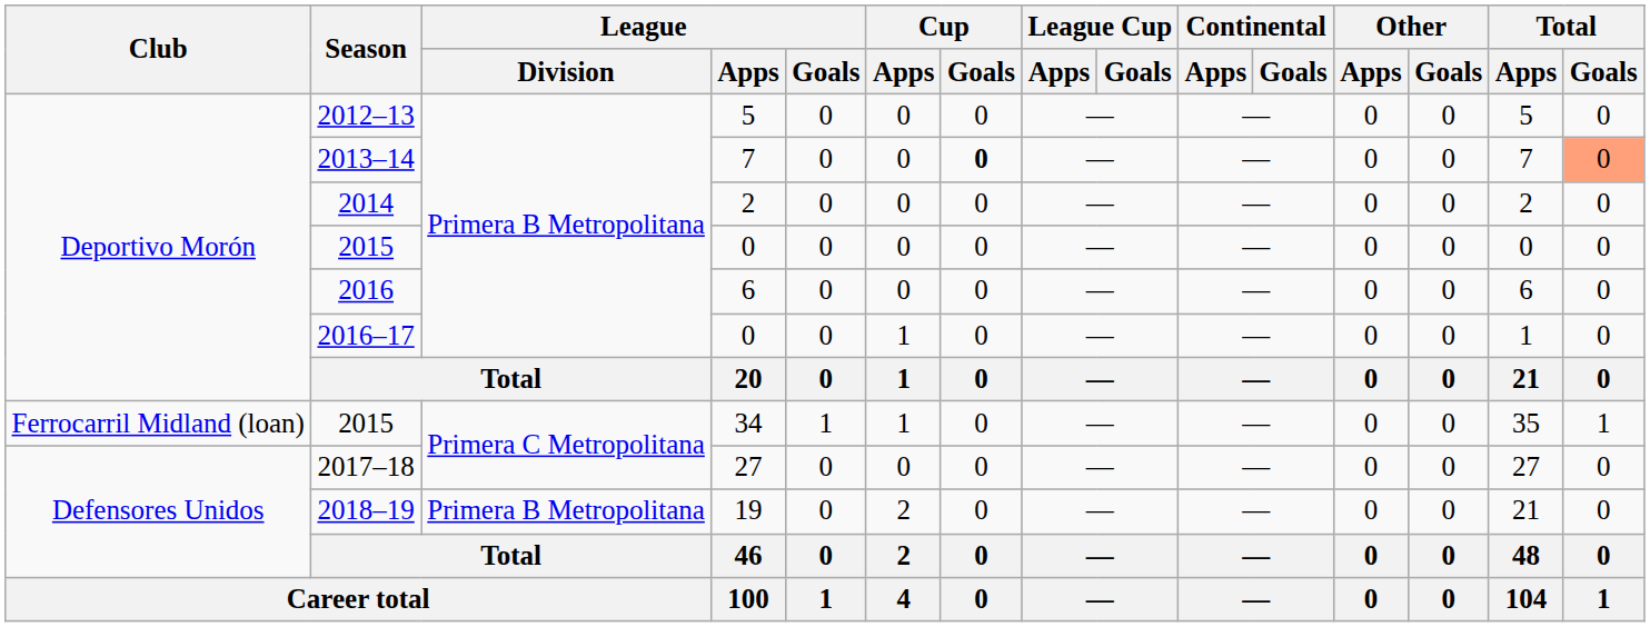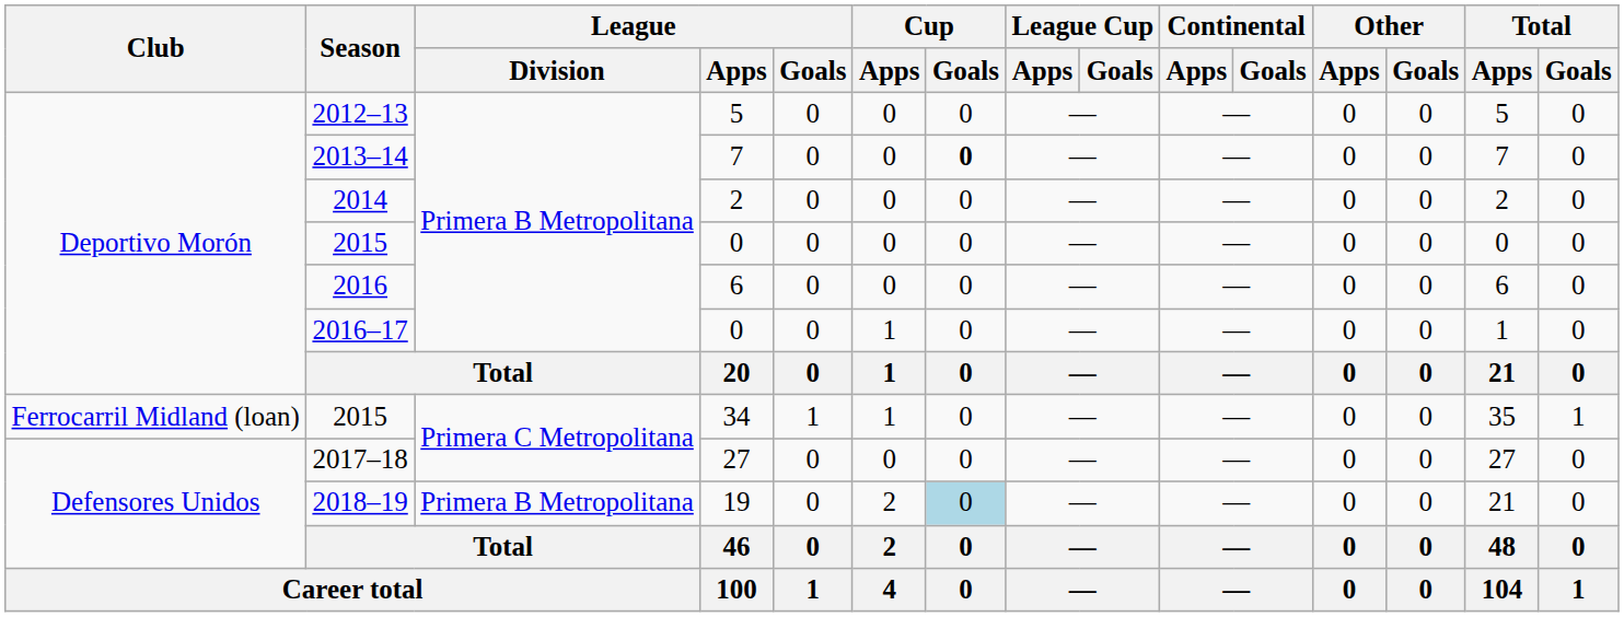 <table class="wikitable" style="text-align:center">
 <tr>
 <th rowspan="2">Club</th>
 <th rowspan="2">Season</th>
 <th colspan="3">League</th>
 <th colspan="2">Cup</th>
 <th colspan="2">League Cup</th>
 <th colspan="2">Continental</th>
 <th colspan="2">Other</th>
 <th colspan="2">Total</th>
 </tr>
 <tr>
 <th>Division</th>
 <th>Apps</th>
 <th>Goals</th>
 <th>Apps</th>
 <th>Goals</th>
 <th>Apps</th>
 <th>Goals</th>
 <th>Apps</th>
 <th>Goals</th>
 <th>Apps</th>
 <th>Goals</th>
 <th>Apps</th>
 <th>Goals</th>
 </tr>
 <tr>
 <td rowspan="7"><a href='#'>Deportivo Morón</a></td>
 <td><a href='#'>2012–13</a></td>
 <td rowspan="6"><a href='#'>Primera B Metropolitana</a></td>
 <td>5</td>
 <td>0</td>
 <td>0</td>
 <td>0</td>
 <td colspan="2">—</td>
 <td colspan="2">—</td>
 <td>0</td>
 <td>0</td>
 <td>5</td>
 <td>0</td>
 </tr>
 <tr>
 <td><a href='#'>2013–14</a></td>
 <td>7</td>
 <td>0</td>
 <td>0</td>
 <td><strong>0</strong></td>
 <td colspan="2">—</td>
 <td colspan="2">—</td>
 <td>0</td>
 <td>0</td>
 <td>7</td>
-<td style="background: lightsalmon;">0</td>
+<td>0</td>
 </tr>
 <tr>
 <td><a href='#'>2014</a></td>
 <td>2</td>
 <td>0</td>
 <td>0</td>
 <td>0</td>
 <td colspan="2">—</td>
 <td colspan="2">—</td>
 <td>0</td>
 <td>0</td>
 <td>2</td>
 <td>0</td>
 </tr>
 <tr>
 <td><a href='#'>2015</a></td>
 <td>0</td>
 <td>0</td>
 <td>0</td>
 <td>0</td>
 <td colspan="2">—</td>
 <td colspan="2">—</td>
 <td>0</td>
 <td>0</td>
 <td>0</td>
 <td>0</td>
 </tr>
 <tr>
 <td><a href='#'>2016</a></td>
 <td>6</td>
 <td>0</td>
 <td>0</td>
 <td>0</td>
 <td colspan="2">—</td>
 <td colspan="2">—</td>
 <td>0</td>
 <td>0</td>
 <td>6</td>
 <td>0</td>
 </tr>
 <tr>
 <td><a href='#'>2016–17</a></td>
 <td>0</td>
 <td>0</td>
 <td>1</td>
 <td>0</td>
 <td colspan="2">—</td>
 <td colspan="2">—</td>
 <td>0</td>
 <td>0</td>
 <td>1</td>
 <td>0</td>
 </tr>
 <tr>
 <th colspan="2">Total</th>
 <th>20</th>
 <th>0</th>
 <th>1</th>
 <th>0</th>
 <th colspan="2">—</th>
 <th colspan="2">—</th>
 <th>0</th>
 <th>0</th>
 <th>21</th>
 <th>0</th>
 </tr>
 <tr>
 <td rowspan="1"><a href='#'>Ferrocarril Midland</a> (loan)</td>
 <td>2015</td>
 <td rowspan="2"><a href='#'>Primera C Metropolitana</a></td>
 <td>34</td>
 <td>1</td>
 <td>1</td>
 <td>0</td>
 <td colspan="2">—</td>
 <td colspan="2">—</td>
 <td>0</td>
 <td>0</td>
 <td>35</td>
 <td>1</td>
 </tr>
 <tr>
 <td rowspan="3"><a href='#'>Defensores Unidos</a></td>
 <td>2017–18</td>
 <td>27</td>
 <td>0</td>
 <td>0</td>
 <td>0</td>
 <td colspan="2">—</td>
 <td colspan="2">—</td>
 <td>0</td>
 <td>0</td>
 <td>27</td>
 <td>0</td>
 </tr>
 <tr>
 <td><a href='#'>2018–19</a></td>
 <td rowspan="1"><a href='#'>Primera B Metropolitana</a></td>
 <td>19</td>
 <td>0</td>
 <td>2</td>
-<td>0</td>
+<td style="background: lightblue;">0</td>
 <td colspan="2">—</td>
 <td colspan="2">—</td>
 <td>0</td>
 <td>0</td>
 <td>21</td>
 <td>0</td>
 </tr>
 <tr>
 <th colspan="2">Total</th>
 <th>46</th>
 <th>0</th>
 <th>2</th>
 <th>0</th>
 <th colspan="2">—</th>
 <th colspan="2">—</th>
 <th>0</th>
 <th>0</th>
 <th>48</th>
 <th>0</th>
 </tr>
 <tr>
 <th colspan="3">Career total</th>
 <th>100</th>
 <th>1</th>
 <th>4</th>
 <th>0</th>
 <th colspan="2">—</th>
 <th colspan="2">—</th>
 <th>0</th>
 <th>0</th>
 <th>104</th>
 <th>1</th>
 </tr>
 </table>
